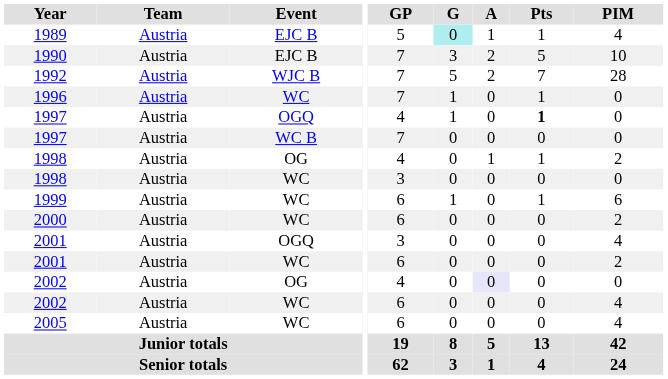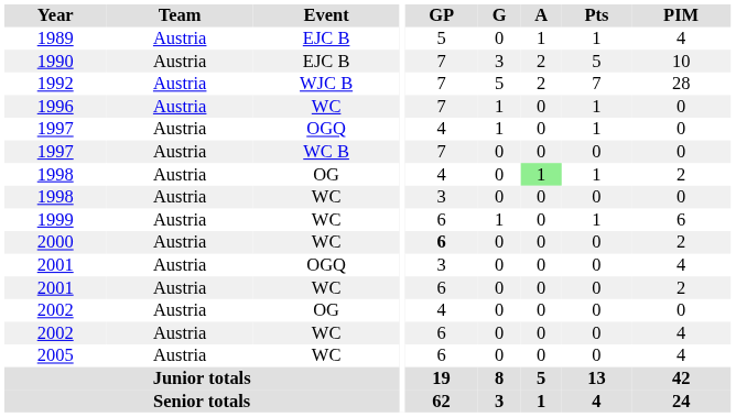 <table border="0" cellpadding="1" cellspacing="0" style="text-align:center; width:40em">
 <tr bgcolor="#e0e0e0">
 <th>Year</th>
 <th>Team</th>
 <th>Event</th>
 <th rowspan="99" bgcolor="#ffffff"></th>
 <th>GP</th>
 <th>G</th>
 <th>A</th>
 <th>Pts</th>
 <th>PIM</th>
 </tr>
 <tr>
 <td><a href='#'>1989</a></td>
 <td><a href='#'>Austria</a></td>
 <td><a href='#'>EJC B</a></td>
 <td>5</td>
-<td style="background: paleturquoise;">0</td>
+<td>0</td>
 <td>1</td>
 <td>1</td>
 <td>4</td>
 </tr>
 <tr bgcolor="#f0f0f0">
 <td><a href='#'>1990</a></td>
 <td>Austria</td>
 <td>EJC B</td>
 <td>7</td>
 <td>3</td>
 <td>2</td>
 <td>5</td>
 <td>10</td>
 </tr>
 <tr>
 <td><a href='#'>1992</a></td>
 <td><a href='#'>Austria</a></td>
 <td><a href='#'>WJC B</a></td>
 <td>7</td>
 <td>5</td>
 <td>2</td>
 <td>7</td>
 <td>28</td>
 </tr>
 <tr bgcolor="#f0f0f0">
 <td><a href='#'>1996</a></td>
 <td><a href='#'>Austria</a></td>
 <td><a href='#'>WC</a></td>
 <td>7</td>
 <td>1</td>
 <td>0</td>
 <td>1</td>
 <td>0</td>
 </tr>
 <tr>
 <td><a href='#'>1997</a></td>
 <td>Austria</td>
 <td><a href='#'>OGQ</a></td>
 <td>4</td>
 <td>1</td>
 <td>0</td>
-<td><strong>1</strong></td>
+<td>1</td>
 <td>0</td>
 </tr>
 <tr bgcolor="#f0f0f0">
 <td><a href='#'>1997</a></td>
 <td>Austria</td>
 <td><a href='#'>WC B</a></td>
 <td>7</td>
 <td>0</td>
 <td>0</td>
 <td>0</td>
 <td>0</td>
 </tr>
 <tr>
 <td><a href='#'>1998</a></td>
 <td>Austria</td>
 <td>OG</td>
 <td>4</td>
 <td>0</td>
-<td>1</td>
+<td style="background: lightgreen;">1</td>
 <td>1</td>
 <td>2</td>
 </tr>
 <tr bgcolor="#f0f0f0">
 <td><a href='#'>1998</a></td>
 <td>Austria</td>
 <td>WC</td>
 <td>3</td>
 <td>0</td>
 <td>0</td>
 <td>0</td>
 <td>0</td>
 </tr>
 <tr>
 <td><a href='#'>1999</a></td>
 <td>Austria</td>
 <td>WC</td>
 <td>6</td>
 <td>1</td>
 <td>0</td>
 <td>1</td>
 <td>6</td>
 </tr>
 <tr bgcolor="#f0f0f0">
 <td><a href='#'>2000</a></td>
 <td>Austria</td>
 <td>WC</td>
-<td>6</td>
+<td><strong>6</strong></td>
 <td>0</td>
 <td>0</td>
 <td>0</td>
 <td>2</td>
 </tr>
 <tr>
 <td><a href='#'>2001</a></td>
 <td>Austria</td>
 <td>OGQ</td>
 <td>3</td>
 <td>0</td>
 <td>0</td>
 <td>0</td>
 <td>4</td>
 </tr>
 <tr bgcolor="#f0f0f0">
 <td><a href='#'>2001</a></td>
 <td>Austria</td>
 <td>WC</td>
 <td>6</td>
 <td>0</td>
 <td>0</td>
 <td>0</td>
 <td>2</td>
 </tr>
 <tr>
 <td><a href='#'>2002</a></td>
 <td>Austria</td>
 <td>OG</td>
 <td>4</td>
 <td>0</td>
-<td style="background: lavender;">0</td>
+<td>0</td>
 <td>0</td>
 <td>0</td>
 </tr>
 <tr bgcolor="#f0f0f0">
 <td><a href='#'>2002</a></td>
 <td>Austria</td>
 <td>WC</td>
 <td>6</td>
 <td>0</td>
 <td>0</td>
 <td>0</td>
 <td>4</td>
 </tr>
 <tr>
 <td><a href='#'>2005</a></td>
 <td>Austria</td>
 <td>WC</td>
 <td>6</td>
 <td>0</td>
 <td>0</td>
 <td>0</td>
 <td>4</td>
 </tr>
 <tr bgcolor="#e0e0e0">
 <th colspan="3">Junior totals</th>
 <th>19</th>
 <th>8</th>
 <th>5</th>
 <th>13</th>
 <th>42</th>
 </tr>
 <tr bgcolor="#e0e0e0">
 <th colspan="3">Senior totals</th>
 <th>62</th>
 <th>3</th>
 <th>1</th>
 <th>4</th>
 <th>24</th>
 </tr>
 </table>
